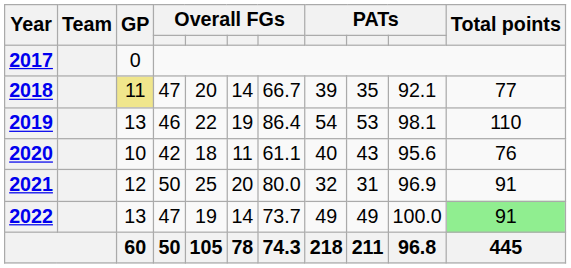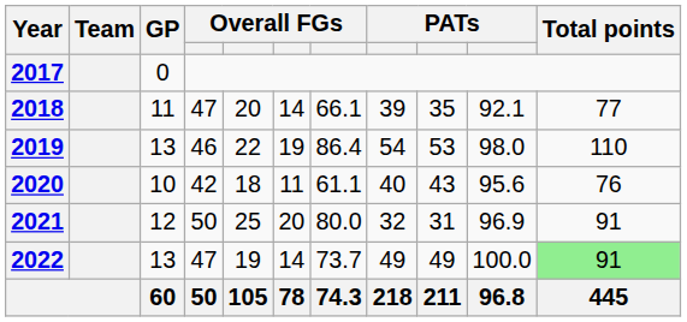 <table class="wikitable" style="text-align:center;">
 <tr>
 <th rowspan="2">Year</th>
 <th rowspan="2">Team</th>
 <th rowspan="2">GP</th>
 <th colspan="4">Overall FGs</th>
 <th colspan="3">PATs</th>
 <th rowspan="2">Total points</th>
 </tr>
 <tr>
 <th></th>
 <th></th>
 <th></th>
 <th></th>
 <th></th>
 <th></th>
 <th></th>
 </tr>
 <tr>
 <th><a href='#'>2017</a></th>
 <th><a href='#'></a></th>
 <td>0</td>
 <td colspan="8"></td>
 </tr>
 <tr>
 <th><a href='#'>2018</a></th>
 <th><a href='#'></a></th>
-<td style="background: khaki;">11</td>
+<td>11</td>
 <td>47</td>
 <td>20</td>
 <td>14</td>
-<td>66.7</td>
+<td>66.1</td>
 <td>39</td>
 <td>35</td>
 <td>92.1</td>
 <td>77</td>
 </tr>
 <tr>
 <th><a href='#'>2019</a></th>
 <th><a href='#'></a></th>
 <td>13</td>
 <td>46</td>
 <td>22</td>
 <td>19</td>
 <td>86.4</td>
 <td>54</td>
 <td>53</td>
-<td>98.1</td>
+<td>98.0</td>
 <td>110</td>
 </tr>
 <tr>
 <th><a href='#'>2020</a></th>
 <th><a href='#'></a></th>
 <td>10</td>
 <td>42</td>
 <td>18</td>
 <td>11</td>
 <td>61.1</td>
 <td>40</td>
 <td>43</td>
 <td>95.6</td>
 <td>76</td>
 </tr>
 <tr>
 <th><a href='#'>2021</a></th>
 <th><a href='#'></a></th>
 <td>12</td>
 <td>50</td>
 <td>25</td>
 <td>20</td>
 <td>80.0</td>
 <td>32</td>
 <td>31</td>
 <td>96.9</td>
 <td>91</td>
 </tr>
 <tr>
 <th><a href='#'>2022</a></th>
 <th><a href='#'></a></th>
 <td>13</td>
 <td>47</td>
 <td>19</td>
 <td>14</td>
 <td>73.7</td>
 <td>49</td>
 <td>49</td>
 <td>100.0</td>
 <td style="background: lightgreen;">91</td>
 </tr>
 <tr>
 <th align=center colspan="2"></th>
 <th>60</th>
 <th>50</th>
 <th>105</th>
 <th>78</th>
 <th>74.3</th>
 <th>218</th>
 <th>211</th>
 <th>96.8</th>
 <th>445</th>
 </tr>
 </table>
